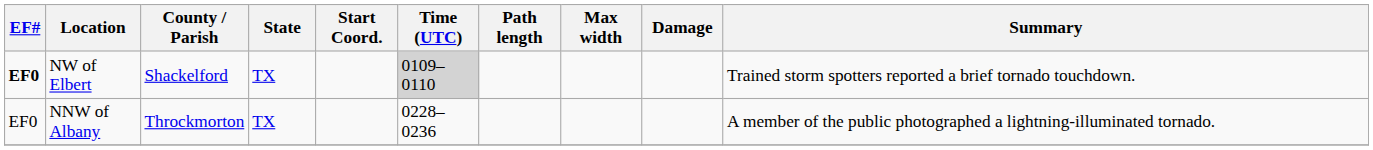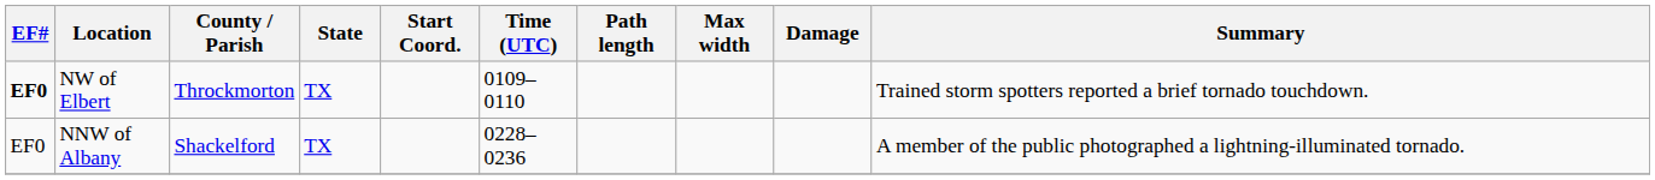 <table class="wikitable sortable" style="width:100%;">
 <tr>
 <th scope="col" width="3%" align="center"><a href='#'>EF#</a></th>
 <th scope="col" width="7%" align="center" class="unsortable">Location</th>
 <th scope="col" width="6%" align="center" class="unsortable">County / Parish</th>
 <th scope="col" width="5%" align="center">State</th>
 <th scope="col" width="6%" align="center">Start Coord.</th>
 <th scope="col" width="6%" align="center">Time (<a href='#'>UTC</a>)</th>
 <th scope="col" width="6%" align="center">Path length</th>
 <th scope="col" width="6%" align="center">Max width</th>
 <th scope="col" width="6%" align="center">Damage</th>
 <th scope="col" width="48%" class="unsortable" align="center">Summary</th>
 </tr>
 <tr>
 <td><strong>EF0</strong></td>
 <td>NW of <a href='#'>Elbert</a></td>
-<td><a href='#'>Shackelford</a></td>
+<td><a href='#'>Throckmorton</a></td>
 <td><a href='#'>TX</a></td>
 <td></td>
-<td style="background: lightgrey;">0109–0110</td>
+<td>0109–0110</td>
 <td></td>
 <td></td>
 <td></td>
 <td>Trained storm spotters reported a brief tornado touchdown.</td>
 </tr>
 <tr>
 <td>EF0</td>
 <td>NNW of <a href='#'>Albany</a></td>
-<td><a href='#'>Throckmorton</a></td>
+<td><a href='#'>Shackelford</a></td>
 <td><a href='#'>TX</a></td>
 <td></td>
 <td>0228–0236</td>
 <td></td>
 <td></td>
 <td></td>
 <td>A member of the public photographed a lightning-illuminated tornado.</td>
 </tr>
 <tr>
 </tr>
 </table>
